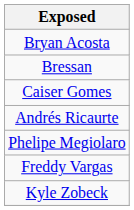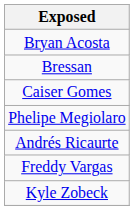 <table class="wikitable" style="text-align:center">
 <tr>
 <th>Exposed</th>
 </tr>
 <tr>
 <td><a href='#'>Bryan Acosta</a></td>
 </tr>
 <tr>
 <td><a href='#'>Bressan</a></td>
 </tr>
 <tr>
 <td><a href='#'>Caiser Gomes</a></td>
 </tr>
 <tr>
-<td><a href='#'>Andrés Ricaurte</a></td>
+<td><a href='#'>Phelipe Megiolaro</a></td>
 </tr>
 <tr>
-<td><a href='#'>Phelipe Megiolaro</a></td>
+<td><a href='#'>Andrés Ricaurte</a></td>
 </tr>
 <tr>
 <td><a href='#'>Freddy Vargas</a></td>
 </tr>
 <tr>
 <td><a href='#'>Kyle Zobeck</a></td>
 </tr>
 <tr>
 </tr>
 </table>
